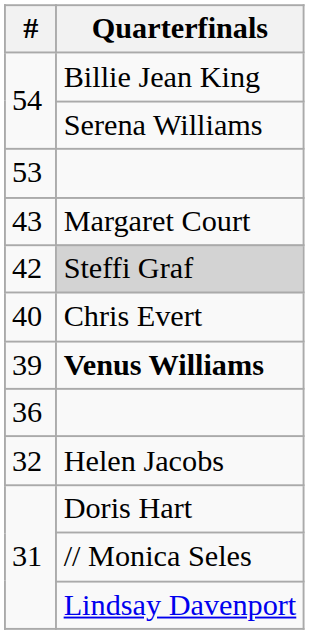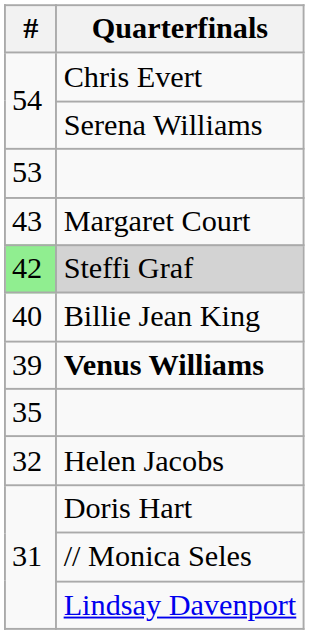 <table class="wikitable" style="display:inline-table">
 <tr>
 <th style="width:20px;">#</th>
 <th>Quarterfinals</th>
 </tr>
 <tr>
 <td rowspan="2">54</td>
-<td> Billie Jean King</td>
+<td> Chris Evert</td>
 </tr>
 <tr>
 <td {nowrap> Serena Williams</td>
 </tr>
 <tr>
 <td>53</td>
 <td></td>
 </tr>
 <tr>
 <td>43</td>
 <td> Margaret Court</td>
 </tr>
 <tr>
-<td>42</td>
+<td style="background: lightgreen;">42</td>
 <td style="background: lightgrey;"> Steffi Graf</td>
 </tr>
 <tr>
 <td>40</td>
-<td> Chris Evert</td>
+<td> Billie Jean King</td>
 </tr>
 <tr>
 <td>39</td>
 <td> <strong>Venus Williams</strong></td>
 </tr>
 <tr>
-<td>36</td>
+<td>35</td>
 <td></td>
 </tr>
 <tr>
 <td>32</td>
 <td> Helen Jacobs</td>
 </tr>
 <tr>
 <td rowspan="3">31</td>
 <td> Doris Hart</td>
 </tr>
 <tr>
 <td>// Monica Seles</td>
 </tr>
 <tr>
 <td> <a href='#'>Lindsay Davenport</a></td>
 </tr>
 </table>
